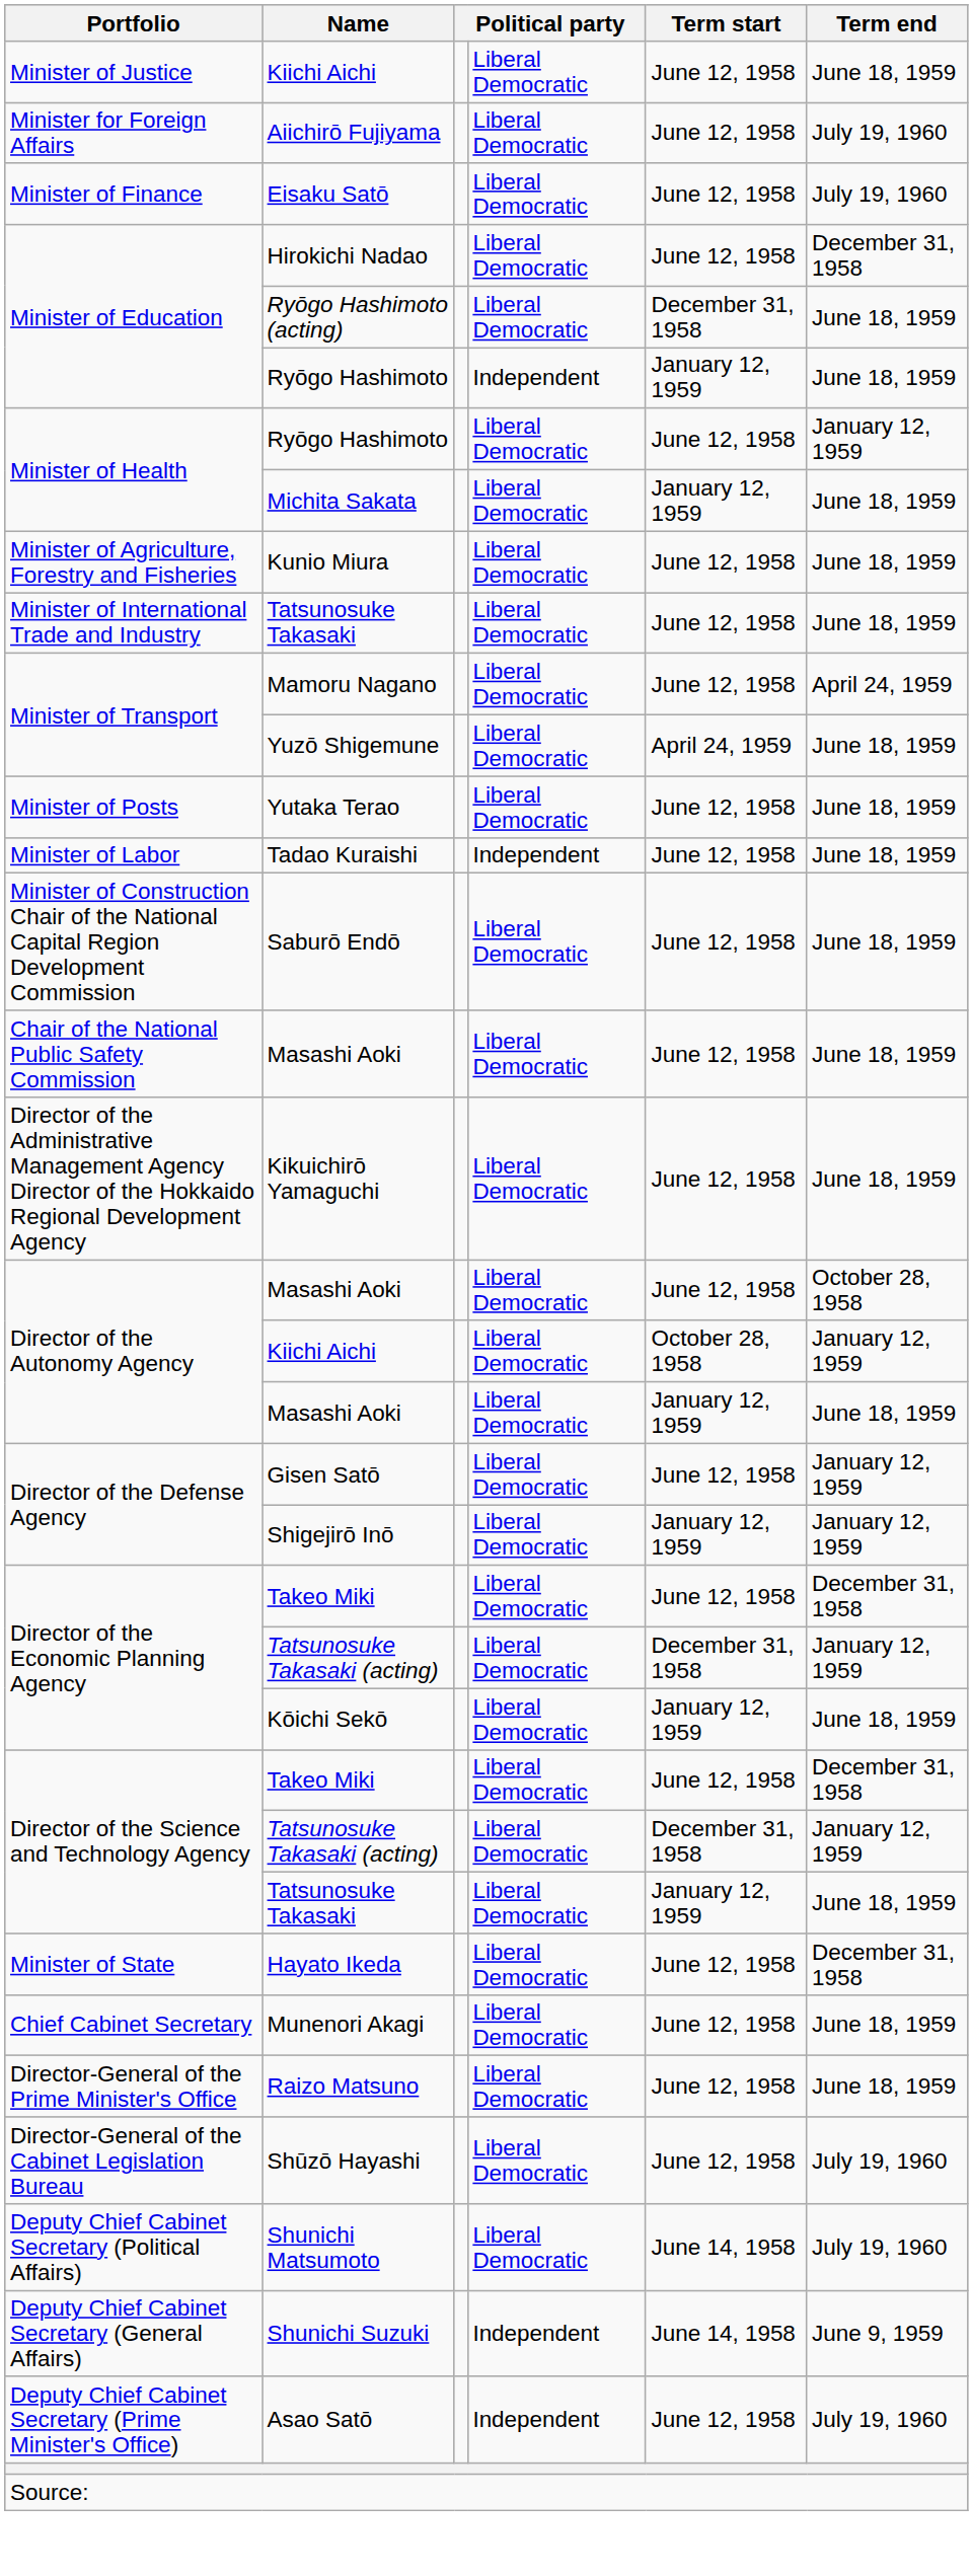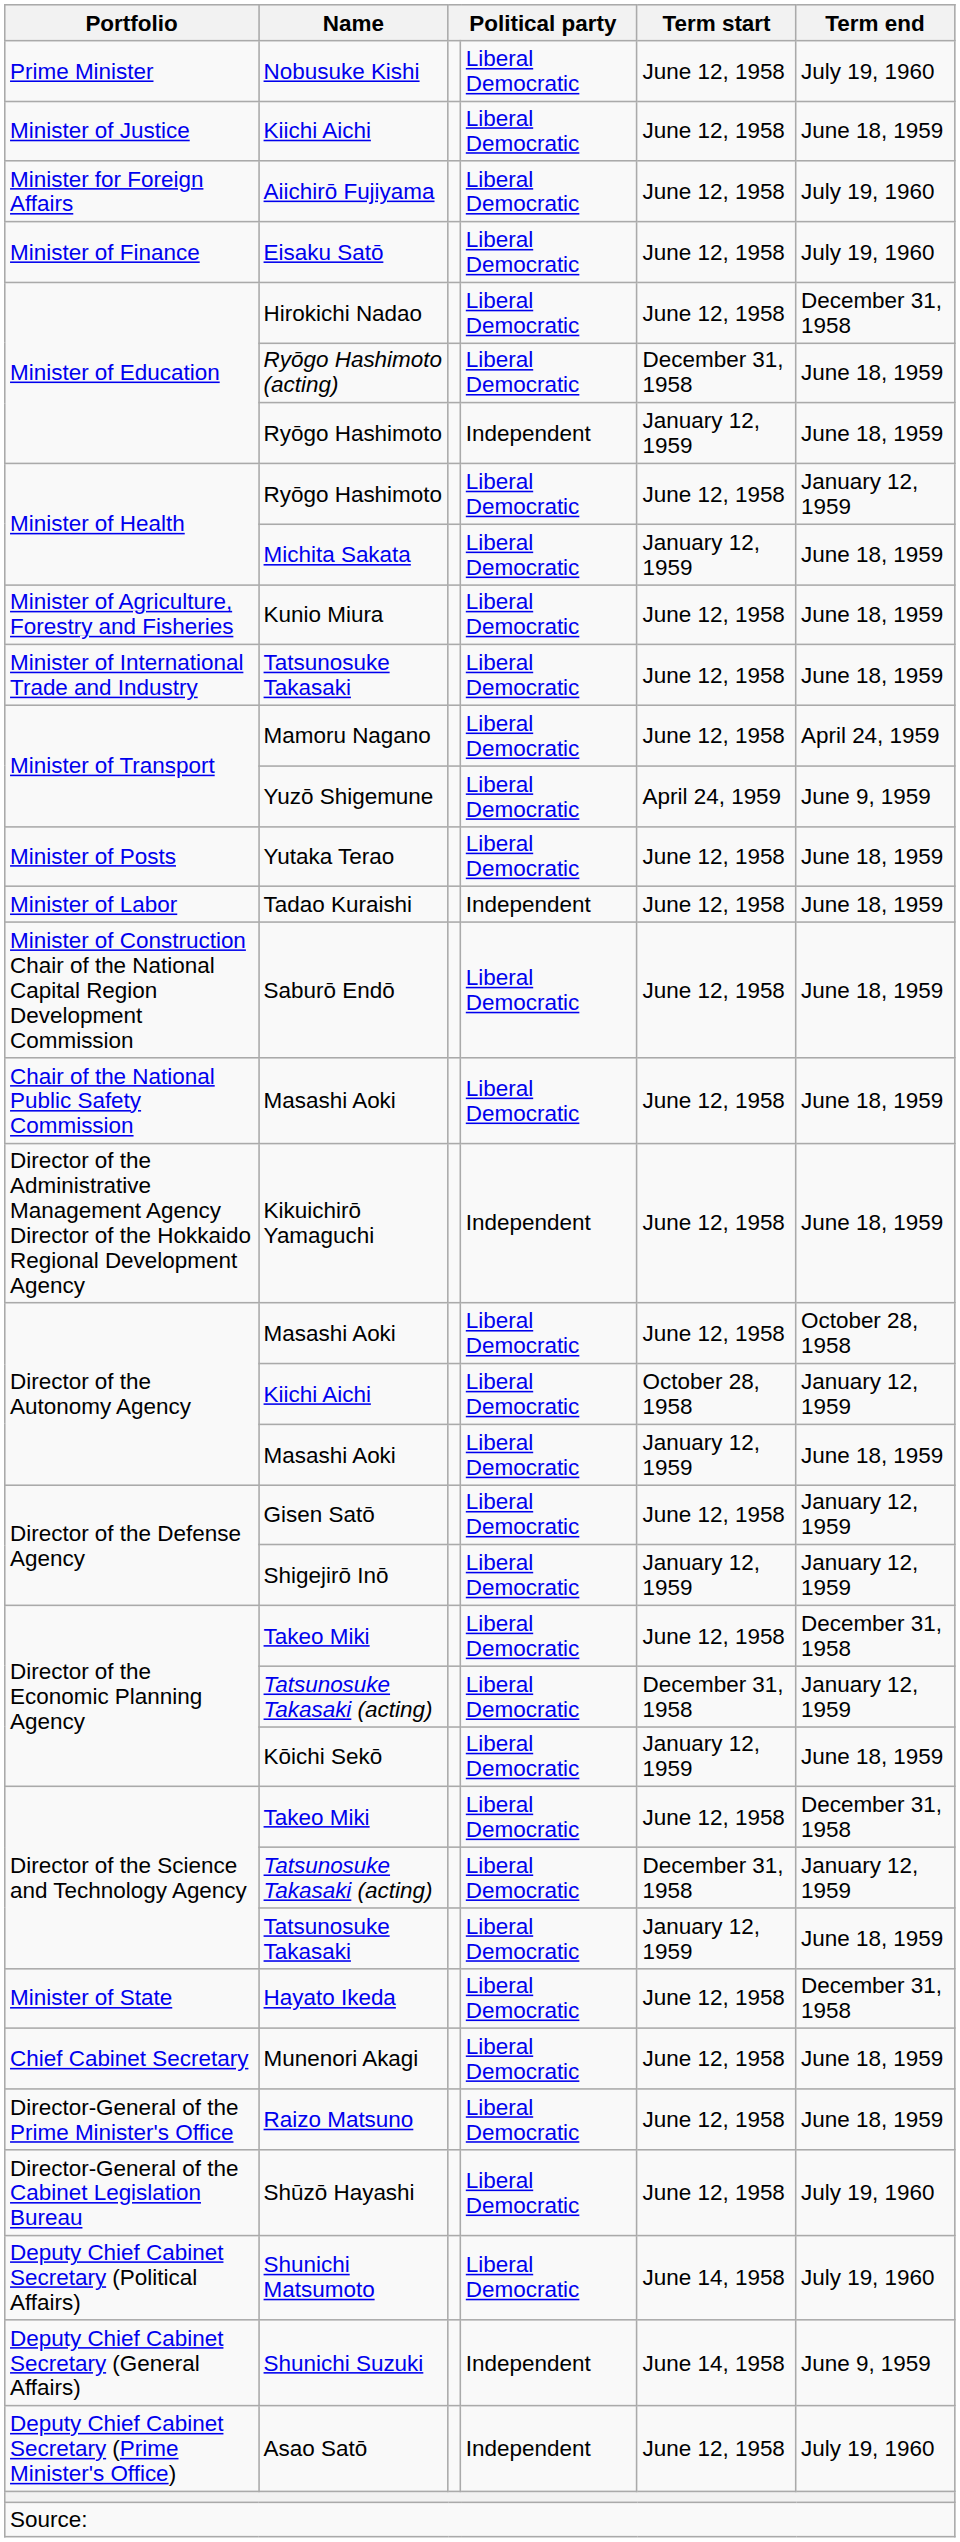 <table class="wikitable unsortable" style="font-size: 90%;">
 <tr>
 <th scope="col" width="20%">Portfolio</th>
 <th scope="col" width="15%">Name</th>
 <th colspan="2" scope="col" width="13.5%">Political party</th>
 <th scope="col" width="12.5%">Term start</th>
 <th scope="col" width="12.5%">Term end</th>
+</tr>
+<tr>
+<td style="text-align: left;"><a href='#'>Prime Minister</a></td>
+<td><a href='#'>Nobusuke Kishi</a></td>
+<td width="0.5%" style="background:"></td>
+<td><a href='#'>Liberal Democratic</a></td>
+<td>June 12, 1958</td>
+<td>July 19, 1960</td>
 </tr>
 <tr>
 <td><a href='#'>Minister of Justice</a></td>
 <td><a href='#'>Kiichi Aichi</a></td>
 <td style="color:inherit;background:"></td>
 <td><a href='#'>Liberal Democratic</a></td>
 <td>June 12, 1958</td>
 <td>June 18, 1959</td>
 </tr>
 <tr>
 <td><a href='#'>Minister for Foreign Affairs</a></td>
 <td><a href='#'>Aiichirō Fujiyama</a></td>
 <td style="color:inherit;background:"></td>
 <td><a href='#'>Liberal Democratic</a></td>
 <td>June 12, 1958</td>
 <td>July 19, 1960</td>
 </tr>
 <tr>
 <td><a href='#'>Minister of Finance</a></td>
 <td><a href='#'>Eisaku Satō</a></td>
 <td style="color:inherit;background:"></td>
 <td><a href='#'>Liberal Democratic</a></td>
 <td>June 12, 1958</td>
 <td>July 19, 1960</td>
 </tr>
 <tr>
 <td rowspan="3"><a href='#'>Minister of Education</a></td>
 <td>Hirokichi Nadao</td>
 <td style="color:inherit;background:"></td>
 <td><a href='#'>Liberal Democratic</a></td>
 <td>June 12, 1958</td>
 <td>December 31, 1958</td>
 </tr>
 <tr>
 <td><em>Ryōgo Hashimoto (acting)</em></td>
 <td style="color:inherit;background:"></td>
 <td><a href='#'>Liberal Democratic</a></td>
 <td>December 31, 1958</td>
 <td>June 18, 1959</td>
 </tr>
 <tr>
 <td>Ryōgo Hashimoto</td>
 <td style="color:inherit;background:"></td>
 <td>Independent</td>
 <td>January 12, 1959</td>
 <td>June 18, 1959</td>
 </tr>
 <tr>
 <td rowspan="2"><a href='#'>Minister of Health</a></td>
 <td>Ryōgo Hashimoto</td>
 <td style="color:inherit;background:"></td>
 <td><a href='#'>Liberal Democratic</a></td>
 <td>June 12, 1958</td>
 <td>January 12, 1959</td>
 </tr>
 <tr>
 <td><a href='#'>Michita Sakata</a></td>
 <td style="color:inherit;background:"></td>
 <td><a href='#'>Liberal Democratic</a></td>
 <td>January 12, 1959</td>
 <td>June 18, 1959</td>
 </tr>
 <tr>
 <td><a href='#'>Minister of Agriculture, Forestry and Fisheries</a></td>
 <td>Kunio Miura</td>
 <td style="color:inherit;background:"></td>
 <td><a href='#'>Liberal Democratic</a></td>
 <td>June 12, 1958</td>
 <td>June 18, 1959</td>
 </tr>
 <tr>
 <td><a href='#'>Minister of International Trade and Industry</a></td>
 <td><a href='#'>Tatsunosuke Takasaki</a></td>
 <td style="color:inherit;background:"></td>
 <td><a href='#'>Liberal Democratic</a></td>
 <td>June 12, 1958</td>
 <td>June 18, 1959</td>
 </tr>
 <tr>
 <td rowspan="2"><a href='#'>Minister of Transport</a></td>
 <td>Mamoru Nagano</td>
 <td style="color:inherit;background:"></td>
 <td><a href='#'>Liberal Democratic</a></td>
 <td>June 12, 1958</td>
 <td>April 24, 1959</td>
 </tr>
 <tr>
 <td>Yuzō Shigemune</td>
 <td style="color:inherit;background:"></td>
 <td><a href='#'>Liberal Democratic</a></td>
 <td>April 24, 1959</td>
-<td>June 18, 1959</td>
+<td>June 9, 1959</td>
 </tr>
 <tr>
 <td><a href='#'>Minister of Posts</a></td>
 <td>Yutaka Terao</td>
 <td style="color:inherit;background:"></td>
 <td><a href='#'>Liberal Democratic</a></td>
 <td>June 12, 1958</td>
 <td>June 18, 1959</td>
 </tr>
 <tr>
 <td><a href='#'>Minister of Labor</a></td>
 <td>Tadao Kuraishi</td>
 <td style="color:inherit;background:"></td>
 <td>Independent</td>
 <td>June 12, 1958</td>
 <td>June 18, 1959</td>
 </tr>
 <tr>
 <td><a href='#'>Minister of Construction</a><br>Chair of the National Capital Region Development Commission</td>
 <td>Saburō Endō</td>
 <td style="color:inherit;background:"></td>
 <td><a href='#'>Liberal Democratic</a></td>
 <td>June 12, 1958</td>
 <td>June 18, 1959</td>
 </tr>
 <tr>
 <td><a href='#'>Chair of the National Public Safety Commission</a></td>
 <td>Masashi Aoki</td>
 <td style="color:inherit;background:"></td>
 <td><a href='#'>Liberal Democratic</a></td>
 <td>June 12, 1958</td>
 <td>June 18, 1959</td>
 </tr>
 <tr>
 <td>Director of the Administrative Management Agency<br>Director of the Hokkaido Regional Development Agency</td>
 <td>Kikuichirō Yamaguchi</td>
 <td style="color:inherit;background:"></td>
-<td><a href='#'>Liberal Democratic</a></td>
+<td>Independent</td>
 <td>June 12, 1958</td>
 <td>June 18, 1959</td>
 </tr>
 <tr>
 <td rowspan="3">Director of the Autonomy Agency</td>
 <td>Masashi Aoki</td>
 <td style="color:inherit;background:"></td>
 <td><a href='#'>Liberal Democratic</a></td>
 <td>June 12, 1958</td>
 <td>October 28, 1958</td>
 </tr>
 <tr>
 <td><a href='#'>Kiichi Aichi</a></td>
 <td style="color:inherit;background:"></td>
 <td><a href='#'>Liberal Democratic</a></td>
 <td>October 28, 1958</td>
 <td>January 12, 1959</td>
 </tr>
 <tr>
 <td>Masashi Aoki</td>
 <td style="color:inherit;background:"></td>
 <td><a href='#'>Liberal Democratic</a></td>
 <td>January 12, 1959</td>
 <td>June 18, 1959</td>
 </tr>
 <tr>
 <td rowspan="2">Director of the Defense Agency</td>
 <td>Gisen Satō</td>
 <td style="color:inherit;background:"></td>
 <td><a href='#'>Liberal Democratic</a></td>
 <td>June 12, 1958</td>
 <td>January 12, 1959</td>
 </tr>
 <tr>
 <td>Shigejirō Inō</td>
 <td style="color:inherit;background:"></td>
 <td><a href='#'>Liberal Democratic</a></td>
 <td>January 12, 1959</td>
 <td>January 12, 1959</td>
 </tr>
 <tr>
 <td rowspan="3">Director of the Economic Planning Agency</td>
 <td><a href='#'>Takeo Miki</a></td>
 <td style="color:inherit;background:"></td>
 <td><a href='#'>Liberal Democratic</a></td>
 <td>June 12, 1958</td>
 <td>December 31, 1958</td>
 </tr>
 <tr>
 <td><em><a href='#'>Tatsunosuke Takasaki</a> (acting)</em></td>
 <td style="color:inherit;background:"></td>
 <td><a href='#'>Liberal Democratic</a></td>
 <td>December 31, 1958</td>
 <td>January 12, 1959</td>
 </tr>
 <tr>
 <td>Kōichi Sekō</td>
 <td style="color:inherit;background:"></td>
 <td><a href='#'>Liberal Democratic</a></td>
 <td>January 12, 1959</td>
 <td>June 18, 1959</td>
 </tr>
 <tr>
 <td rowspan="3">Director of the Science and Technology Agency</td>
 <td><a href='#'>Takeo Miki</a></td>
 <td style="color:inherit;background:"></td>
 <td><a href='#'>Liberal Democratic</a></td>
 <td>June 12, 1958</td>
 <td>December 31, 1958</td>
 </tr>
 <tr>
 <td><em><a href='#'>Tatsunosuke Takasaki</a> (acting)</em></td>
 <td style="color:inherit;background:"></td>
 <td><a href='#'>Liberal Democratic</a></td>
 <td>December 31, 1958</td>
 <td>January 12, 1959</td>
 </tr>
 <tr>
 <td><a href='#'>Tatsunosuke Takasaki</a></td>
 <td style="color:inherit;background:"></td>
 <td><a href='#'>Liberal Democratic</a></td>
 <td>January 12, 1959</td>
 <td>June 18, 1959</td>
 </tr>
 <tr>
 <td><a href='#'>Minister of State</a></td>
 <td><a href='#'>Hayato Ikeda</a></td>
 <td style="color:inherit;background:"></td>
 <td><a href='#'>Liberal Democratic</a></td>
 <td>June 12, 1958</td>
 <td>December 31, 1958</td>
 </tr>
 <tr>
 <td><a href='#'>Chief Cabinet Secretary</a></td>
 <td>Munenori Akagi</td>
 <td style="color:inherit;background:"></td>
 <td><a href='#'>Liberal Democratic</a></td>
 <td>June 12, 1958</td>
 <td>June 18, 1959</td>
 </tr>
 <tr>
 <td>Director-General of the <a href='#'>Prime Minister's Office</a></td>
 <td><a href='#'>Raizo Matsuno</a></td>
 <td style="color:inherit;background:"></td>
 <td><a href='#'>Liberal Democratic</a></td>
 <td>June 12, 1958</td>
 <td>June 18, 1959</td>
 </tr>
 <tr>
 <td>Director-General of the <a href='#'>Cabinet Legislation Bureau</a></td>
 <td>Shūzō Hayashi</td>
 <td style="color:inherit;background:"></td>
 <td><a href='#'>Liberal Democratic</a></td>
 <td>June 12, 1958</td>
 <td>July 19, 1960</td>
 </tr>
 <tr>
 <td><a href='#'>Deputy Chief Cabinet Secretary</a> (Political Affairs)</td>
 <td><a href='#'>Shunichi Matsumoto</a></td>
 <td style="color:inherit;background:"></td>
 <td><a href='#'>Liberal Democratic</a></td>
 <td>June 14, 1958</td>
 <td>July 19, 1960</td>
 </tr>
 <tr>
 <td><a href='#'>Deputy Chief Cabinet Secretary</a> (General Affairs)</td>
 <td><a href='#'>Shunichi Suzuki</a></td>
 <td style="color:inherit;background:"></td>
 <td>Independent</td>
 <td>June 14, 1958</td>
 <td>June 9, 1959</td>
 </tr>
 <tr>
 <td><a href='#'>Deputy Chief Cabinet Secretary</a> (<a href='#'>Prime Minister's Office</a>)</td>
 <td>Asao Satō</td>
 <td style="color:inherit;background:"></td>
 <td>Independent</td>
 <td>June 12, 1958</td>
 <td>July 19, 1960</td>
 </tr>
 <tr>
 <th colspan="6"></th>
 </tr>
 <tr>
 <td colspan="6">Source:</td>
 </tr>
 </table>
